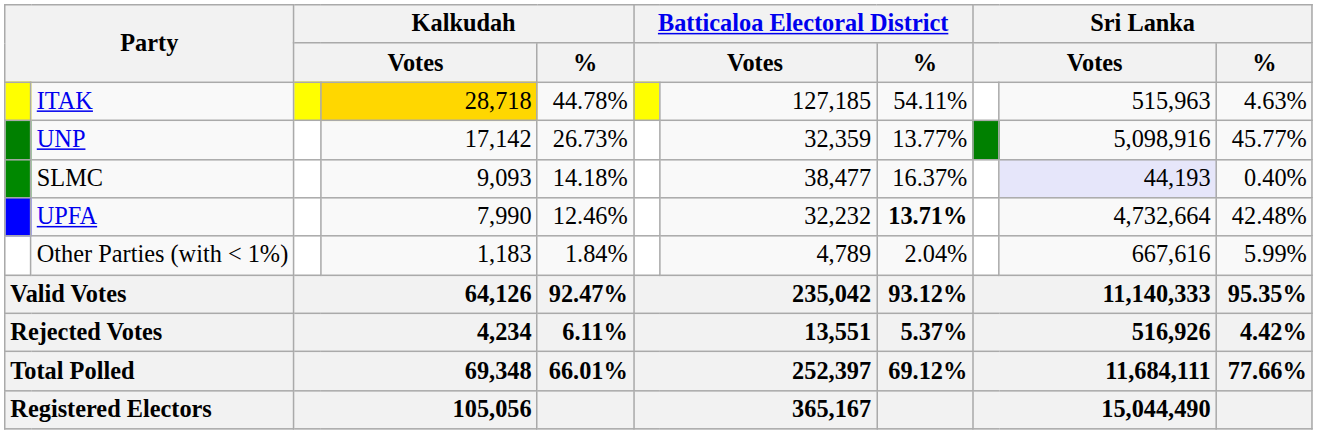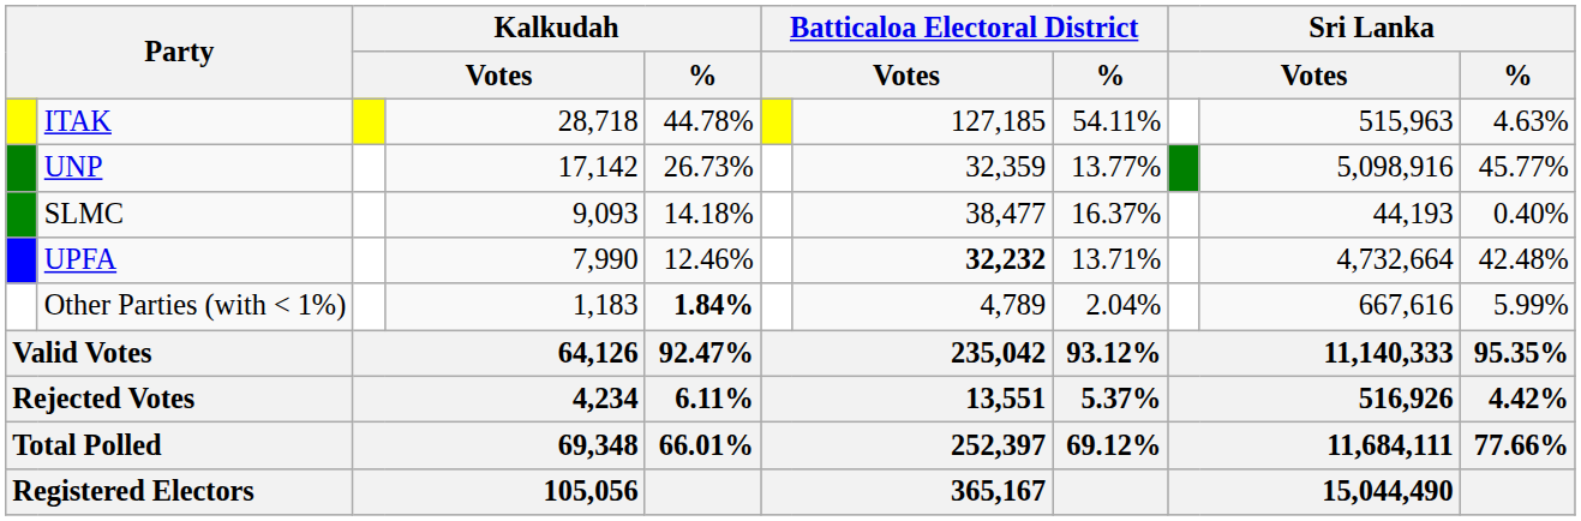 <table class="wikitable">
 <tr>
 <th colspan="2" width="144px"rowspan="2">Party</th>
 <th colspan="3" width="216px">Kalkudah</th>
 <th colspan="3" width="216px"><a href='#'>Batticaloa Electoral District</a></th>
 <th colspan="3" width="216px">Sri Lanka</th>
 </tr>
 <tr>
 <th colspan="2" width="144px">Votes</th>
 <th>%</th>
 <th colspan="2" width="144px">Votes</th>
 <th>%</th>
 <th colspan="2" width="144px">Votes</th>
 <th>%</th>
 </tr>
 <tr>
 <td style="background-color:yellow;" width="10px"></td>
 <td style="text-align:left;"><a href='#'>ITAK</a></td>
 <td style="background-color:yellow;" width="10px"></td>
-<td style="background: gold; text-align:right;">28,718</td>
+<td style="text-align:right;">28,718</td>
 <td style="text-align:right;">44.78%</td>
 <td style="background-color:yellow;" width="10px"></td>
 <td style="text-align:right;">127,185</td>
 <td style="text-align:right;">54.11%</td>
 <td style="background-color:white;" width="10px"></td>
 <td style="text-align:right;">515,963</td>
 <td style="text-align:right;">4.63%</td>
 </tr>
 <tr>
 <td style="background-color:green;" width="10px"></td>
 <td style="text-align:left;"><a href='#'>UNP</a></td>
 <td style="background-color:white;" width="10px"></td>
 <td style="text-align:right;">17,142</td>
 <td style="text-align:right;">26.73%</td>
 <td style="background-color:white;" width="10px"></td>
 <td style="text-align:right;">32,359</td>
 <td style="text-align:right;">13.77%</td>
 <td style="background-color:green;" width="10px"></td>
 <td style="text-align:right;">5,098,916</td>
 <td style="text-align:right;">45.77%</td>
 </tr>
 <tr>
 <td style="background-color:#008800;" width="10px"></td>
 <td style="text-align:left;">SLMC</td>
 <td style="background-color:white;" width="10px"></td>
 <td style="text-align:right;">9,093</td>
 <td style="text-align:right;">14.18%</td>
 <td style="background-color:white;" width="10px"></td>
 <td style="text-align:right;">38,477</td>
 <td style="text-align:right;">16.37%</td>
 <td style="background-color:white;" width="10px"></td>
-<td style="background: lavender; text-align:right;">44,193</td>
+<td style="text-align:right;">44,193</td>
 <td style="text-align:right;">0.40%</td>
 </tr>
 <tr>
 <td style="background-color:blue;" width="10px"></td>
 <td style="text-align:left;"><a href='#'>UPFA</a></td>
 <td style="background-color:white;" width="10px"></td>
 <td style="text-align:right;">7,990</td>
 <td style="text-align:right;">12.46%</td>
 <td style="background-color:white;" width="10px"></td>
-<td style="text-align:right;">32,232</td>
-<td style="text-align:right;"><strong>13.71%</strong></td>
+<td style="text-align:right;"><strong>32,232</strong></td>
+<td style="text-align:right;">13.71%</td>
 <td style="background-color:white;" width="10px"></td>
 <td style="text-align:right;">4,732,664</td>
 <td style="text-align:right;">42.48%</td>
 </tr>
 <tr>
 <td style="background-color:white;" width="10px"></td>
 <td style="text-align:left;">Other Parties (with < 1%)</td>
 <td style="background-color:white;" width="10px"></td>
 <td style="text-align:right;">1,183</td>
-<td style="text-align:right;">1.84%</td>
+<td style="text-align:right;"><strong>1.84%</strong></td>
 <td style="background-color:white;" width="10px"></td>
 <td style="text-align:right;">4,789</td>
 <td style="text-align:right;">2.04%</td>
 <td style="background-color:white;" width="10px"></td>
 <td style="text-align:right;">667,616</td>
 <td style="text-align:right;">5.99%</td>
 </tr>
 <tr>
 <th colspan="2" width="144px"style="text-align:left;">Valid Votes</th>
 <th style="text-align:right;"colspan="2" width="144px">64,126</th>
 <th style="text-align:right;">92.47%</th>
 <th style="text-align:right;"colspan="2" width="144px">235,042</th>
 <th style="text-align:right;">93.12%</th>
 <th style="text-align:right;"colspan="2" width="144px">11,140,333</th>
 <th style="text-align:right;">95.35%</th>
 </tr>
 <tr>
 <th colspan="2" width="144px"style="text-align:left;">Rejected Votes</th>
 <th style="text-align:right;"colspan="2" width="144px">4,234</th>
 <th style="text-align:right;">6.11%</th>
 <th style="text-align:right;"colspan="2" width="144px">13,551</th>
 <th style="text-align:right;">5.37%</th>
 <th style="text-align:right;"colspan="2" width="144px">516,926</th>
 <th style="text-align:right;">4.42%</th>
 </tr>
 <tr>
 <th colspan="2" width="144px"style="text-align:left;">Total Polled</th>
 <th style="text-align:right;"colspan="2" width="144px">69,348</th>
 <th style="text-align:right;">66.01%</th>
 <th style="text-align:right;"colspan="2" width="144px">252,397</th>
 <th style="text-align:right;">69.12%</th>
 <th style="text-align:right;"colspan="2" width="144px">11,684,111</th>
 <th style="text-align:right;">77.66%</th>
 </tr>
 <tr>
 <th colspan="2" width="144px"style="text-align:left;">Registered Electors</th>
 <th style="text-align:right;"colspan="2" width="144px">105,056</th>
 <th></th>
 <th style="text-align:right;"colspan="2" width="144px">365,167</th>
 <th></th>
 <th style="text-align:right;"colspan="2" width="144px">15,044,490</th>
 <th></th>
 </tr>
 </table>
